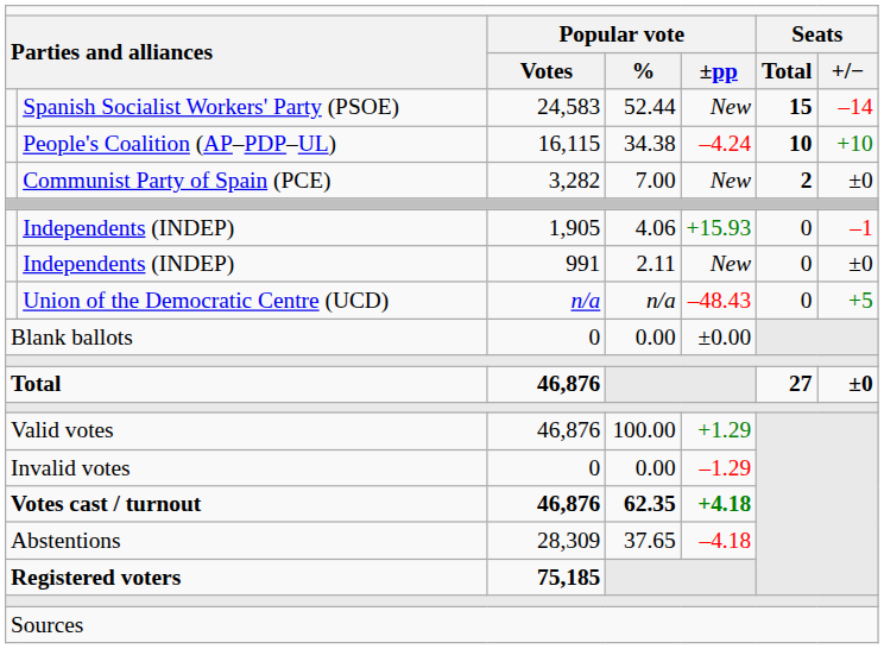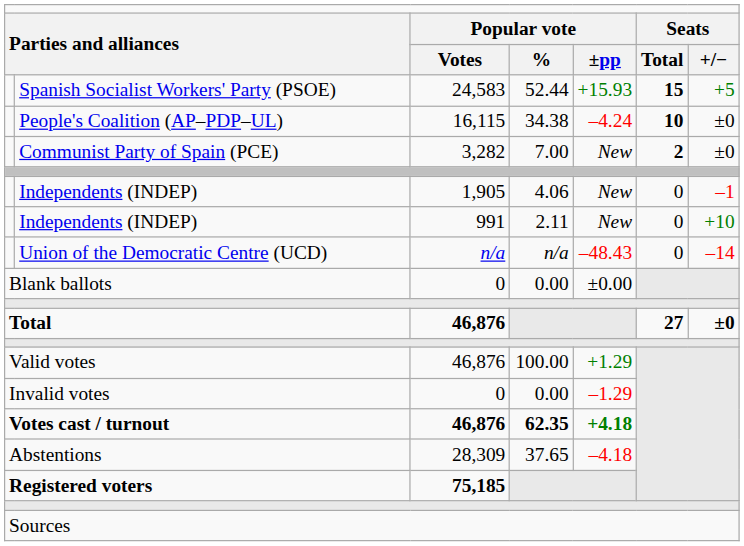 <table class="wikitable" style="text-align:right;">
 <tr>
 <td colspan="7"></td>
 </tr>
 <tr>
 <th style="text-align:left;" rowspan="2" colspan="2" width="525">Parties and alliances</th>
 <th colspan="3">Popular vote</th>
 <th colspan="2">Seats</th>
 </tr>
 <tr>
 <th width="75">Votes</th>
 <th width="45">%</th>
 <th width="45">±<a href='#'>pp</a></th>
 <th width="35">Total</th>
 <th width="35">+/−</th>
 </tr>
 <tr>
 <td width="1" style="color:inherit;background:"></td>
 <td align="left"><a href='#'>Spanish Socialist Workers' Party</a> (PSOE)</td>
 <td>24,583</td>
 <td>52.44</td>
-<td><em>New</em></td>
+<td style="color:green;">+15.93</td>
 <td><strong>15</strong></td>
-<td style="color:red;">–14</td>
+<td style="color:green;">+5</td>
 </tr>
 <tr>
 <td style="color:inherit;background:"></td>
 <td align="left"><a href='#'>People's Coalition</a> (<a href='#'>AP</a>–<a href='#'>PDP</a>–<a href='#'>UL</a>)</td>
 <td>16,115</td>
 <td>34.38</td>
 <td style="color:red;">–4.24</td>
 <td><strong>10</strong></td>
-<td style="color:green;">+10</td>
+<td>±0</td>
 </tr>
 <tr>
 <td style="color:inherit;background:"></td>
 <td align="left"><a href='#'>Communist Party of Spain</a> (PCE)</td>
 <td>3,282</td>
 <td>7.00</td>
 <td><em>New</em></td>
 <td><strong>2</strong></td>
 <td>±0</td>
 </tr>
 <tr>
 <td colspan="7" bgcolor="#C0C0C0"></td>
 </tr>
 <tr>
 <td style="color:inherit;background:"></td>
 <td align="left"><a href='#'>Independents</a> (INDEP)</td>
 <td>1,905</td>
 <td>4.06</td>
-<td style="color:green;">+15.93</td>
+<td><em>New</em></td>
 <td>0</td>
 <td style="color:red;">–1</td>
 </tr>
 <tr>
 <td style="color:inherit;background:"></td>
 <td align="left"><a href='#'>Independents</a> (INDEP)</td>
 <td>991</td>
 <td>2.11</td>
 <td><em>New</em></td>
 <td>0</td>
-<td>±0</td>
+<td style="color:green;">+10</td>
 </tr>
 <tr>
 <td style="color:inherit;background:"></td>
 <td align="left"><a href='#'>Union of the Democratic Centre</a> (UCD)</td>
 <td><em><a href='#'>n/a</a></em></td>
 <td><em>n/a</em></td>
 <td style="color:red;">–48.43</td>
 <td>0</td>
-<td style="color:green;">+5</td>
+<td style="color:red;">–14</td>
 </tr>
 <tr>
 <td align="left" colspan="2">Blank ballots</td>
 <td>0</td>
 <td>0.00</td>
 <td>±0.00</td>
 <td bgcolor="#E9E9E9" colspan="2"></td>
 </tr>
 <tr>
 <td colspan="7" bgcolor="#E9E9E9"></td>
 </tr>
 <tr style="font-weight:bold;">
 <td align="left" colspan="2">Total</td>
 <td>46,876</td>
 <td bgcolor="#E9E9E9" colspan="2"></td>
 <td>27</td>
 <td>±0</td>
 </tr>
 <tr>
 <td colspan="7" bgcolor="#E9E9E9"></td>
 </tr>
 <tr>
 <td align="left" colspan="2">Valid votes</td>
 <td>46,876</td>
 <td>100.00</td>
 <td style="color:green;">+1.29</td>
 <td bgcolor="#E9E9E9" colspan="2" rowspan="5"></td>
 </tr>
 <tr>
 <td align="left" colspan="2">Invalid votes</td>
 <td>0</td>
 <td>0.00</td>
 <td style="color:red;">–1.29</td>
 </tr>
 <tr style="font-weight:bold;">
 <td align="left" colspan="2">Votes cast / turnout</td>
 <td>46,876</td>
 <td>62.35</td>
 <td style="color:green;">+4.18</td>
 </tr>
 <tr>
 <td align="left" colspan="2">Abstentions</td>
 <td>28,309</td>
 <td>37.65</td>
 <td style="color:red;">–4.18</td>
 </tr>
 <tr style="font-weight:bold;">
 <td align="left" colspan="2">Registered voters</td>
 <td>75,185</td>
 <td bgcolor="#E9E9E9" colspan="2"></td>
 </tr>
 <tr>
 <td colspan="7" bgcolor="#E9E9E9"></td>
 </tr>
 <tr>
 <td align="left" colspan="7">Sources</td>
 </tr>
 </table>
